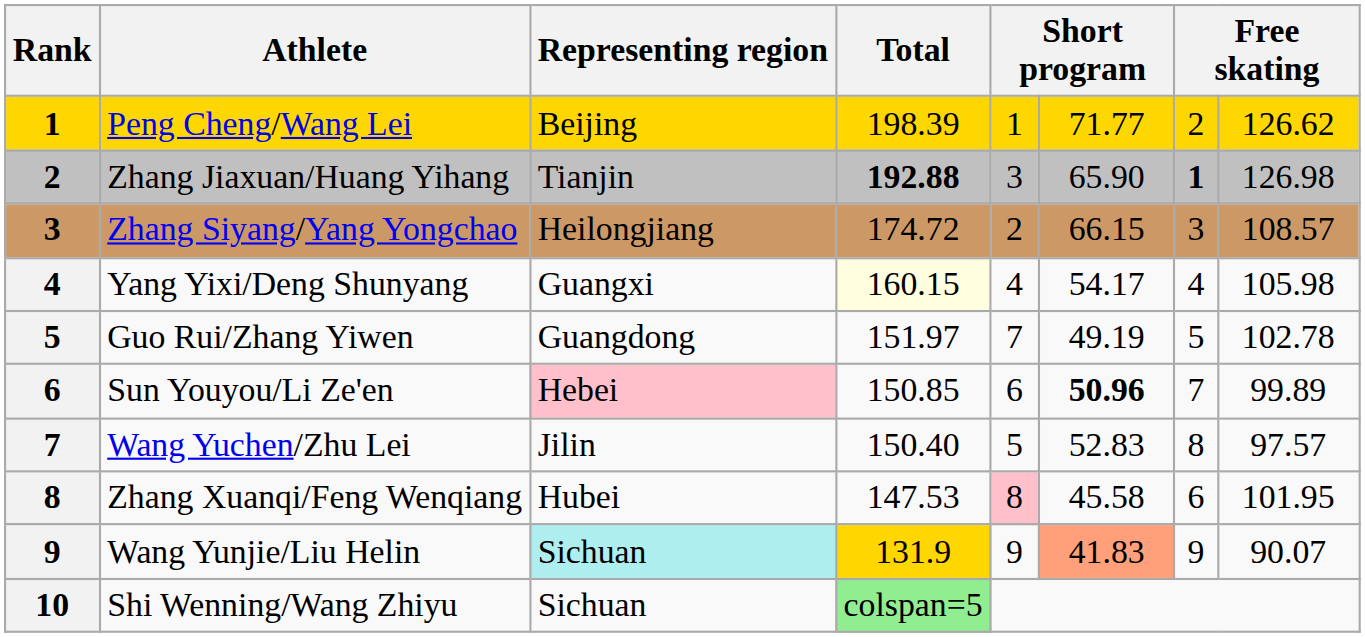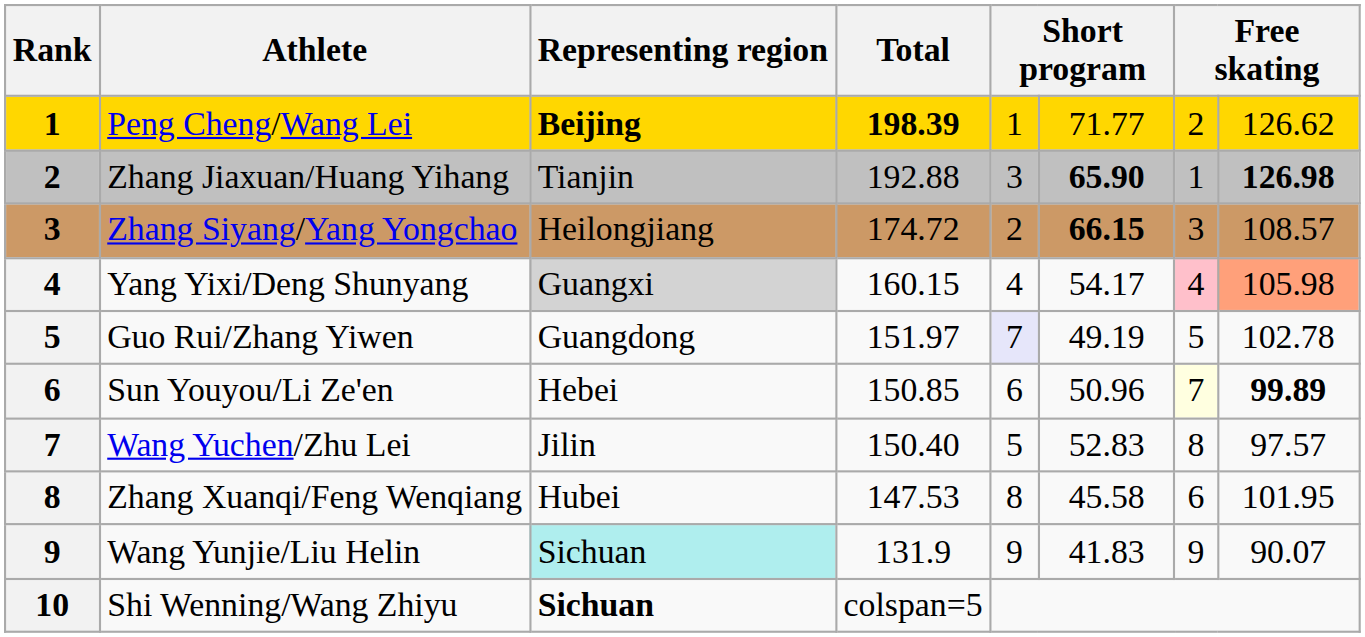 <table class="wikitable sortable">
 <tr>
 <th>Rank</th>
 <th>Athlete</th>
 <th>Representing region</th>
 <th>Total</th>
 <th colspan="2" width="80px">Short program</th>
 <th colspan="2" width="80px">Free skating</th>
 </tr>
 <tr bgcolor="gold">
 <td align="center"><strong>1</strong></td>
 <td><a href='#'>Peng Cheng</a>/<a href='#'>Wang Lei</a></td>
-<td>Beijing</td>
-<td align="center">198.39</td>
+<td><strong>Beijing</strong></td>
+<td align="center"><strong>198.39</strong></td>
 <td align="center">1</td>
 <td align="center">71.77</td>
 <td align="center">2</td>
 <td align="center">126.62</td>
 </tr>
 <tr bgcolor="silver">
 <td align="center"><strong>2</strong></td>
 <td>Zhang Jiaxuan/Huang Yihang</td>
 <td>Tianjin</td>
-<td align="center"><strong>192.88</strong></td>
+<td align="center">192.88</td>
 <td align="center">3</td>
-<td align="center">65.90</td>
-<td align="center"><strong>1</strong></td>
-<td align="center">126.98</td>
+<td align="center"><strong>65.90</strong></td>
+<td align="center">1</td>
+<td align="center"><strong>126.98</strong></td>
 </tr>
 <tr bgcolor="cc9966">
 <td align="center"><strong>3</strong></td>
 <td><a href='#'>Zhang Siyang</a>/<a href='#'>Yang Yongchao</a></td>
 <td>Heilongjiang</td>
 <td align="center">174.72</td>
 <td align="center">2</td>
-<td align="center">66.15</td>
+<td align="center"><strong>66.15</strong></td>
 <td align="center">3</td>
 <td align="center">108.57</td>
 </tr>
 <tr>
 <th>4</th>
 <td>Yang Yixi/Deng Shunyang</td>
-<td>Guangxi</td>
-<td align="center" style="background: lightyellow;">160.15</td>
+<td style="background: lightgrey;">Guangxi</td>
+<td align="center">160.15</td>
 <td align="center">4</td>
 <td align="center">54.17</td>
-<td align="center">4</td>
-<td align="center">105.98</td>
+<td align="center" style="background: pink;">4</td>
+<td align="center" style="background: lightsalmon;">105.98</td>
 </tr>
 <tr>
 <th>5</th>
 <td>Guo Rui/Zhang Yiwen</td>
 <td>Guangdong</td>
 <td align="center">151.97</td>
-<td align="center">7</td>
+<td align="center" style="background: lavender;">7</td>
 <td align="center">49.19</td>
 <td align="center">5</td>
 <td align="center">102.78</td>
 </tr>
 <tr>
 <th>6</th>
 <td>Sun Youyou/Li Ze'en</td>
-<td style="background: pink;">Hebei</td>
+<td>Hebei</td>
 <td align="center">150.85</td>
 <td align="center">6</td>
-<td align="center"><strong>50.96</strong></td>
-<td align="center">7</td>
-<td align="center">99.89</td>
+<td align="center">50.96</td>
+<td align="center" style="background: lightyellow;">7</td>
+<td align="center"><strong>99.89</strong></td>
 </tr>
 <tr>
 <th>7</th>
 <td><a href='#'>Wang Yuchen</a>/Zhu Lei</td>
 <td>Jilin</td>
 <td align="center">150.40</td>
 <td align="center">5</td>
 <td align="center">52.83</td>
 <td align="center">8</td>
 <td align="center">97.57</td>
 </tr>
 <tr>
 <th>8</th>
 <td>Zhang Xuanqi/Feng Wenqiang</td>
 <td>Hubei</td>
 <td align="center">147.53</td>
-<td align="center" style="background: pink;">8</td>
+<td align="center">8</td>
 <td align="center">45.58</td>
 <td align="center">6</td>
 <td align="center">101.95</td>
 </tr>
 <tr>
 <th>9</th>
 <td>Wang Yunjie/Liu Helin</td>
 <td style="background: paleturquoise;">Sichuan</td>
-<td align="center" style="background: gold;">131.9</td>
+<td align="center">131.9</td>
 <td align="center">9</td>
-<td align="center" style="background: lightsalmon;">41.83</td>
+<td align="center">41.83</td>
 <td align="center">9</td>
 <td align="center">90.07</td>
 </tr>
 <tr>
 <th>10</th>
 <td>Shi Wenning/Wang Zhiyu</td>
-<td>Sichuan</td>
-<td style="background: lightgreen;">colspan=5 </td>
+<td><strong>Sichuan</strong></td>
+<td>colspan=5 </td>
 </tr>
 </table>
